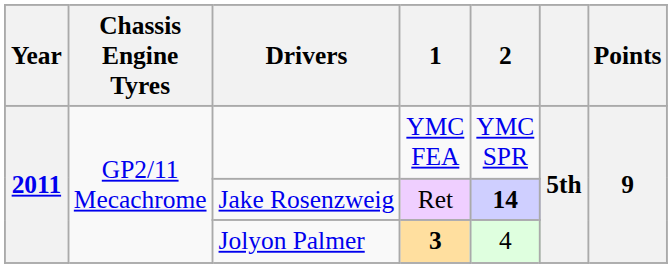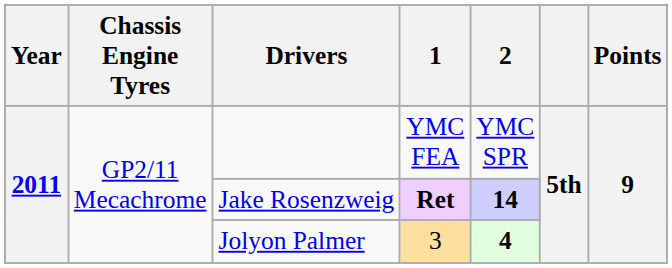 <table class="wikitable" style="text-align:center; font-size:85%;">
 <tr>
 <th>Year</th>
 <th>Chassis<br>Engine<br>Tyres</th>
 <th>Drivers</th>
 <th>1</th>
 <th>2</th>
 <th></th>
 <th>Points</th>
 </tr>
 <tr>
 <th rowspan=3><a href='#'>2011</a></th>
 <td rowspan=3><a href='#'>GP2/11</a><br><a href='#'>Mecachrome</a><br></td>
 <td></td>
 <td><a href='#'>YMC<br>FEA</a></td>
 <td><a href='#'>YMC<br>SPR</a></td>
 <th rowspan=3>5th</th>
 <th rowspan=3>9</th>
 </tr>
 <tr>
 <td align=left> <a href='#'>Jake Rosenzweig</a></td>
-<td bgcolor="#EFCFFF">Ret</td>
+<td bgcolor="#EFCFFF"><strong>Ret</strong></td>
 <td bgcolor="#CFCFFF"><strong>14</strong></td>
 </tr>
 <tr>
 <td align=left> <a href='#'>Jolyon Palmer</a></td>
-<td bgcolor="#FFDF9F"><strong>3</strong></td>
-<td bgcolor="#DFFFDF">4</td>
+<td bgcolor="#FFDF9F">3</td>
+<td bgcolor="#DFFFDF"><strong>4</strong></td>
 </tr>
 </table>
